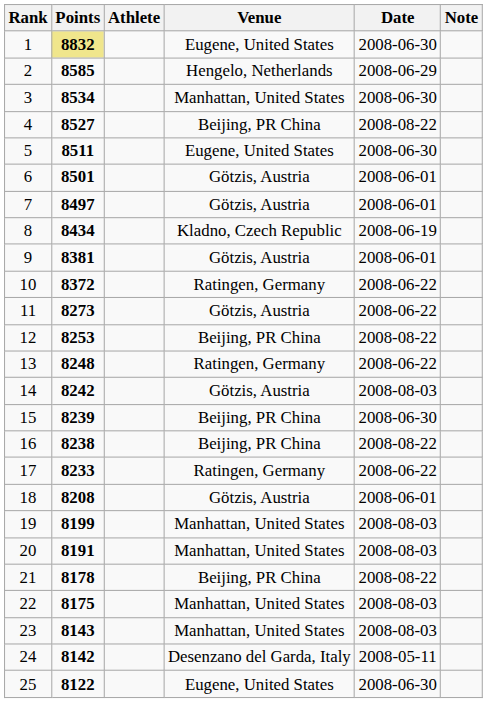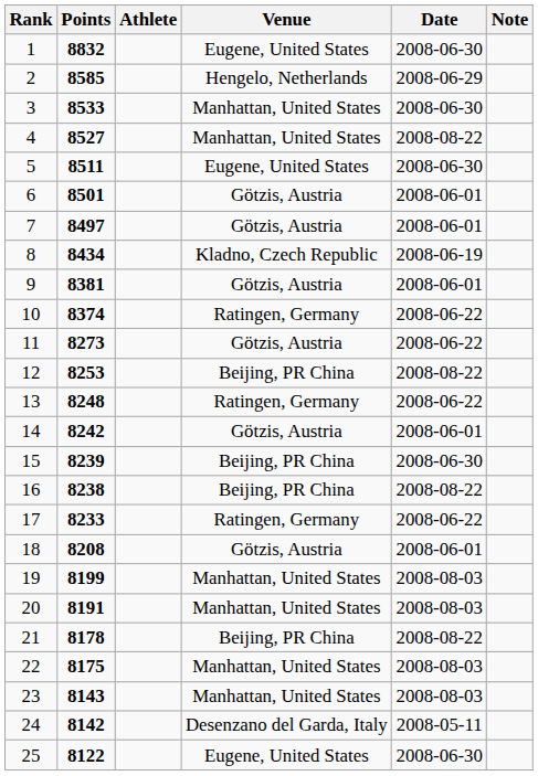 <table class="wikitable" style=" text-align:center;">
 <tr>
 <th>Rank</th>
 <th>Points</th>
 <th>Athlete</th>
 <th>Venue</th>
 <th>Date</th>
 <th>Note</th>
 </tr>
 <tr>
 <td>1</td>
-<td style="background: khaki;"><strong>8832</strong></td>
+<td><strong>8832</strong></td>
 <td align=left></td>
 <td>Eugene, United States</td>
 <td>2008-06-30</td>
 <td></td>
 </tr>
 <tr>
 <td>2</td>
 <td><strong>8585</strong></td>
 <td align=left></td>
 <td>Hengelo, Netherlands</td>
 <td>2008-06-29</td>
 <td></td>
 </tr>
 <tr>
 <td>3</td>
-<td><strong>8534</strong></td>
+<td><strong>8533</strong></td>
 <td align=left></td>
 <td>Manhattan, United States</td>
 <td>2008-06-30</td>
 <td></td>
 </tr>
 <tr>
 <td>4</td>
 <td><strong>8527</strong></td>
 <td align=left></td>
-<td>Beijing, PR China</td>
+<td>Manhattan, United States</td>
 <td>2008-08-22</td>
 <td></td>
 </tr>
 <tr>
 <td>5</td>
 <td><strong>8511</strong></td>
 <td align=left></td>
 <td>Eugene, United States</td>
 <td>2008-06-30</td>
 <td></td>
 </tr>
 <tr>
 <td>6</td>
 <td><strong>8501</strong></td>
 <td align=left></td>
 <td>Götzis, Austria</td>
 <td>2008-06-01</td>
 <td></td>
 </tr>
 <tr>
 <td>7</td>
 <td><strong>8497</strong></td>
 <td align=left></td>
 <td>Götzis, Austria</td>
 <td>2008-06-01</td>
 <td></td>
 </tr>
 <tr>
 <td>8</td>
 <td><strong>8434</strong></td>
 <td align=left></td>
 <td>Kladno, Czech Republic</td>
 <td>2008-06-19</td>
 <td></td>
 </tr>
 <tr>
 <td>9</td>
 <td><strong>8381</strong></td>
 <td align=left></td>
 <td>Götzis, Austria</td>
 <td>2008-06-01</td>
 <td></td>
 </tr>
 <tr>
 <td>10</td>
-<td><strong>8372</strong></td>
+<td><strong>8374</strong></td>
 <td align=left></td>
 <td>Ratingen, Germany</td>
 <td>2008-06-22</td>
 <td></td>
 </tr>
 <tr>
 <td>11</td>
 <td><strong>8273</strong></td>
 <td align=left></td>
 <td>Götzis, Austria</td>
 <td>2008-06-22</td>
 <td></td>
 </tr>
 <tr>
 <td>12</td>
 <td><strong>8253</strong></td>
 <td align=left></td>
 <td>Beijing, PR China</td>
 <td>2008-08-22</td>
 <td></td>
 </tr>
 <tr>
 <td>13</td>
 <td><strong>8248</strong></td>
 <td align=left></td>
 <td>Ratingen, Germany</td>
 <td>2008-06-22</td>
 <td></td>
 </tr>
 <tr>
 <td>14</td>
 <td><strong>8242</strong></td>
 <td align=left></td>
 <td>Götzis, Austria</td>
-<td>2008-08-03</td>
+<td>2008-06-01</td>
 <td></td>
 </tr>
 <tr>
 <td>15</td>
 <td><strong>8239</strong></td>
 <td align=left></td>
 <td>Beijing, PR China</td>
 <td>2008-06-30</td>
 <td></td>
 </tr>
 <tr>
 <td>16</td>
 <td><strong>8238</strong></td>
 <td align=left></td>
 <td>Beijing, PR China</td>
 <td>2008-08-22</td>
 <td></td>
 </tr>
 <tr>
 <td>17</td>
 <td><strong>8233</strong></td>
 <td align=left></td>
 <td>Ratingen, Germany</td>
 <td>2008-06-22</td>
 <td></td>
 </tr>
 <tr>
 <td>18</td>
 <td><strong>8208</strong></td>
 <td align=left></td>
 <td>Götzis, Austria</td>
 <td>2008-06-01</td>
 <td></td>
 </tr>
 <tr>
 <td>19</td>
 <td><strong>8199</strong></td>
 <td align=left></td>
 <td>Manhattan, United States</td>
 <td>2008-08-03</td>
 <td></td>
 </tr>
 <tr>
 <td>20</td>
 <td><strong>8191</strong></td>
 <td align=left></td>
 <td>Manhattan, United States</td>
 <td>2008-08-03</td>
 <td></td>
 </tr>
 <tr>
 <td>21</td>
 <td><strong>8178</strong></td>
 <td align=left></td>
 <td>Beijing, PR China</td>
 <td>2008-08-22</td>
 <td></td>
 </tr>
 <tr>
 <td>22</td>
 <td><strong>8175</strong></td>
 <td align=left></td>
 <td>Manhattan, United States</td>
 <td>2008-08-03</td>
 <td></td>
 </tr>
 <tr>
 <td>23</td>
 <td><strong>8143</strong></td>
 <td align=left></td>
 <td>Manhattan, United States</td>
 <td>2008-08-03</td>
 <td></td>
 </tr>
 <tr>
 <td>24</td>
 <td><strong>8142</strong></td>
 <td align=left></td>
 <td>Desenzano del Garda, Italy</td>
 <td>2008-05-11</td>
 <td></td>
 </tr>
 <tr>
 <td>25</td>
 <td><strong>8122</strong></td>
 <td align=left></td>
 <td>Eugene, United States</td>
 <td>2008-06-30</td>
 <td></td>
 </tr>
 </table>
